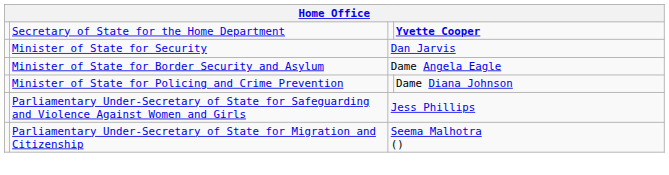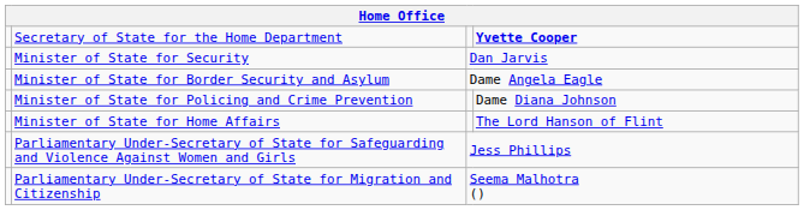 <table class="wikitable">
 <tr>
 <th colspan="4"><a href='#'>Home Office</a></th>
 </tr>
 <tr>
 <td style="background: "></td>
 <td style="width: 450px;"><a href='#'>Secretary of State for the Home Department</a></td>
 <td style="background: "></td>
 <td style="width: 320px;"><strong><a href='#'>Yvette Cooper</a></strong></td>
 </tr>
 <tr>
 <td style="background: "></td>
 <td><a href='#'>Minister of State for Security</a></td>
 <td colspan="2"><a href='#'>Dan Jarvis</a> </td>
 </tr>
 <tr>
 <td style="background: "></td>
 <td><a href='#'>Minister of State for Border Security and Asylum</a></td>
 <td colspan="2">Dame <a href='#'>Angela Eagle</a> </td>
 </tr>
 <tr>
 <td style="background: "></td>
 <td><a href='#'>Minister of State for Policing and Crime Prevention</a></td>
 <td style="background: "></td>
 <td>Dame <a href='#'>Diana Johnson</a> </td>
 </tr>
 <tr>
 <td style="background: "></td>
+<td><a href='#'>Minister of State for Home Affairs</a></td>
+<td style="background: "></td>
+<td><a href='#'>The Lord Hanson of Flint</a><br></td>
+</tr>
+<tr>
+<td style="background: "></td>
 <td><a href='#'>Parliamentary Under-Secretary of State for Safeguarding and Violence Against Women and Girls</a></td>
 <td colspan="2"><a href='#'>Jess Phillips</a></td>
 </tr>
 <tr>
 <td style="background: "></td>
 <td><a href='#'>Parliamentary Under-Secretary of State for Migration and Citizenship</a></td>
 <td colspan="2"><a href='#'>Seema Malhotra</a><br>()</td>
 </tr>
 </table>
